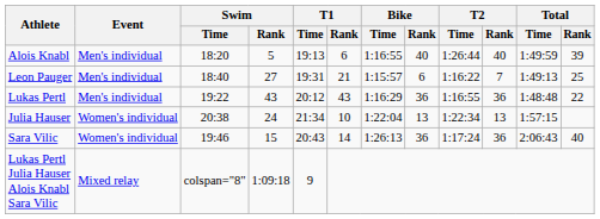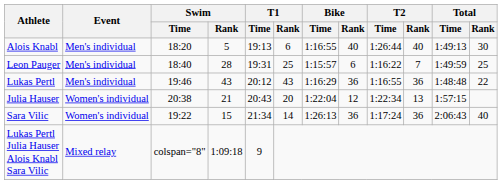 <table class="wikitable" style="text-align:center; font-size:90%">
 <tr>
 <th rowspan="2">Athlete</th>
 <th rowspan="2">Event</th>
 <th colspan="2">Swim</th>
 <th colspan="2">T1</th>
 <th colspan="2">Bike</th>
 <th colspan="2">T2</th>
 <th colspan="2">Total</th>
 </tr>
 <tr style="font-size:95%">
 <th>Time</th>
 <th>Rank</th>
 <th>Time</th>
 <th>Rank</th>
 <th>Time</th>
 <th>Rank</th>
 <th>Time</th>
 <th>Rank</th>
 <th>Time</th>
 <th>Rank</th>
 </tr>
 <tr>
 <td align="left"><a href='#'>Alois Knabl</a></td>
 <td align="left"><a href='#'>Men's individual</a></td>
 <td>18:20</td>
 <td>5</td>
 <td>19:13</td>
 <td>6</td>
 <td>1:16:55</td>
 <td>40</td>
 <td>1:26:44</td>
 <td>40</td>
-<td>1:49:59</td>
-<td>39</td>
+<td>1:49:13</td>
+<td>30</td>
 </tr>
 <tr>
 <td align="left"><a href='#'>Leon Pauger</a></td>
 <td align="left"><a href='#'>Men's individual</a></td>
 <td>18:40</td>
-<td>27</td>
+<td>28</td>
 <td>19:31</td>
-<td>21</td>
+<td>25</td>
 <td>1:15:57</td>
 <td>6</td>
 <td>1:16:22</td>
 <td>7</td>
-<td>1:49:13</td>
+<td>1:49:59</td>
 <td>25</td>
 </tr>
 <tr>
 <td align="left"><a href='#'>Lukas Pertl</a></td>
 <td align="left"><a href='#'>Men's individual</a></td>
-<td>19:22</td>
+<td>19:46</td>
 <td>43</td>
 <td>20:12</td>
 <td>43</td>
 <td>1:16:29</td>
 <td>36</td>
 <td>1:16:55</td>
 <td>36</td>
 <td>1:48:48</td>
 <td>22</td>
 </tr>
 <tr>
 <td align="left"><a href='#'>Julia Hauser</a></td>
 <td align="left"><a href='#'>Women's individual</a></td>
 <td>20:38</td>
-<td>24</td>
-<td>21:34</td>
-<td>10</td>
+<td>21</td>
+<td>20:43</td>
+<td>20</td>
 <td>1:22:04</td>
-<td>13</td>
+<td>12</td>
 <td>1:22:34</td>
 <td>13</td>
 <td>1:57:15</td>
 <td></td>
 </tr>
 <tr>
 <td align="left"><a href='#'>Sara Vilic</a></td>
 <td align="left"><a href='#'>Women's individual</a></td>
-<td>19:46</td>
+<td>19:22</td>
 <td>15</td>
-<td>20:43</td>
+<td>21:34</td>
 <td>14</td>
 <td>1:26:13</td>
 <td>36</td>
 <td>1:17:24</td>
 <td>36</td>
 <td>2:06:43</td>
 <td>40</td>
 </tr>
 <tr>
 <td align="left"><a href='#'>Lukas Pertl</a><br><a href='#'>Julia Hauser</a><br><a href='#'>Alois Knabl</a><br><a href='#'>Sara Vilic</a></td>
 <td align="left"><a href='#'>Mixed relay</a></td>
 <td>colspan="8" </td>
 <td>1:09:18</td>
 <td>9</td>
 </tr>
 </table>
